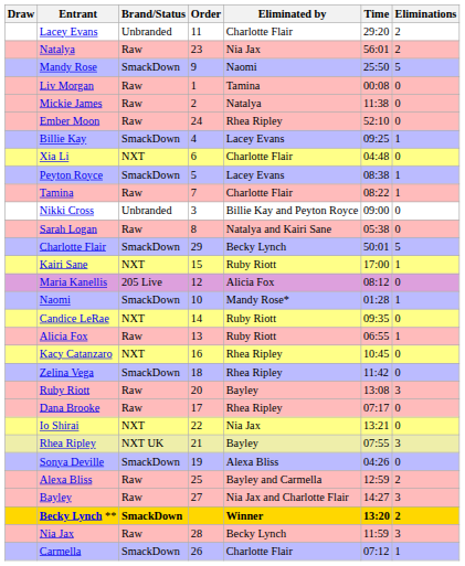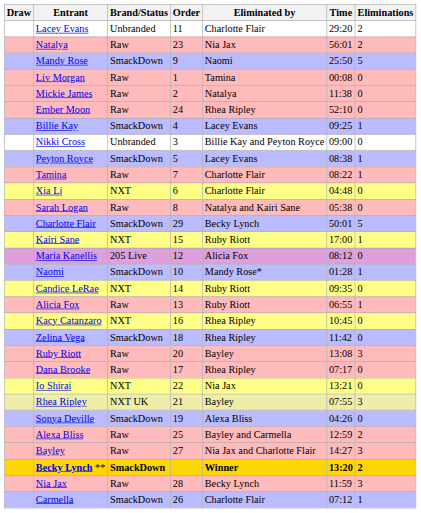 <table class="wikitable sortable">
 <tr>
 <th>Draw</th>
 <th>Entrant</th>
 <th>Brand/Status</th>
 <th>Order</th>
 <th>Eliminated by</th>
 <th>Time</th>
 <th>Eliminations</th>
 </tr>
 <tr style="background: #FFF;">
 <td></td>
 <td><a href='#'>Lacey Evans</a></td>
 <td>Unbranded</td>
 <td>11</td>
 <td>Charlotte Flair</td>
 <td>29:20</td>
 <td>2</td>
 </tr>
 <tr style="background: #FBB;">
 <td></td>
 <td><a href='#'>Natalya</a></td>
 <td>Raw</td>
 <td>23</td>
 <td>Nia Jax</td>
 <td>56:01</td>
 <td>2</td>
 </tr>
 <tr style="background: #BBF;">
 <td></td>
 <td><a href='#'>Mandy Rose</a></td>
 <td>SmackDown</td>
 <td>9</td>
 <td>Naomi</td>
 <td>25:50</td>
 <td>5</td>
 </tr>
 <tr style="background: #FBB;">
 <td></td>
 <td><a href='#'>Liv Morgan</a></td>
 <td>Raw</td>
 <td>1</td>
 <td>Tamina</td>
 <td>00:08</td>
 <td>0</td>
 </tr>
 <tr style="background: #FBB;">
 <td></td>
 <td><a href='#'>Mickie James</a></td>
 <td>Raw</td>
 <td>2</td>
 <td>Natalya</td>
 <td>11:38</td>
 <td>0</td>
 </tr>
 <tr style="background: #FBB;">
 <td></td>
 <td><a href='#'>Ember Moon</a></td>
 <td>Raw</td>
 <td>24</td>
 <td>Rhea Ripley</td>
 <td>52:10</td>
 <td>0</td>
 </tr>
 <tr style="background: #BBF;">
 <td></td>
 <td><a href='#'>Billie Kay</a></td>
 <td>SmackDown</td>
 <td>4</td>
 <td>Lacey Evans</td>
 <td>09:25</td>
 <td>1</td>
 </tr>
-<tr style="background: #FF8;">
+<tr style="background: #FFF;">
 <td></td>
-<td><a href='#'>Xia Li</a></td>
-<td>NXT</td>
-<td>6</td>
-<td>Charlotte Flair</td>
-<td>04:48</td>
+<td><a href='#'>Nikki Cross</a></td>
+<td>Unbranded</td>
+<td>3</td>
+<td>Billie Kay and Peyton Royce</td>
+<td>09:00</td>
 <td>0</td>
 </tr>
 <tr style="background: #BBF;">
 <td></td>
 <td><a href='#'>Peyton Royce</a></td>
 <td>SmackDown</td>
 <td>5</td>
 <td>Lacey Evans</td>
 <td>08:38</td>
 <td>1</td>
 </tr>
 <tr style="background: #FBB;">
 <td></td>
 <td><a href='#'>Tamina</a></td>
 <td>Raw</td>
 <td>7</td>
 <td>Charlotte Flair</td>
 <td>08:22</td>
 <td>1</td>
 </tr>
-<tr style="background: #FFF;">
+<tr style="background: #FF8;">
 <td></td>
-<td><a href='#'>Nikki Cross</a></td>
-<td>Unbranded</td>
-<td>3</td>
-<td>Billie Kay and Peyton Royce</td>
-<td>09:00</td>
+<td><a href='#'>Xia Li</a></td>
+<td>NXT</td>
+<td>6</td>
+<td>Charlotte Flair</td>
+<td>04:48</td>
 <td>0</td>
 </tr>
 <tr style="background: #FBB;">
 <td></td>
 <td><a href='#'>Sarah Logan</a></td>
 <td>Raw</td>
 <td>8</td>
 <td>Natalya and Kairi Sane</td>
 <td>05:38</td>
 <td>0</td>
 </tr>
 <tr style="background: #BBF;">
 <td></td>
 <td><a href='#'>Charlotte Flair</a></td>
 <td>SmackDown</td>
 <td>29</td>
 <td>Becky Lynch</td>
 <td>50:01</td>
 <td>5</td>
 </tr>
 <tr style="background: #FF8;">
 <td></td>
 <td><a href='#'>Kairi Sane</a></td>
 <td>NXT</td>
 <td>15</td>
 <td>Ruby Riott</td>
 <td>17:00</td>
 <td>1</td>
 </tr>
 <tr style="background: Plum;">
 <td></td>
 <td><a href='#'>Maria Kanellis</a></td>
 <td>205 Live</td>
 <td>12</td>
 <td>Alicia Fox</td>
 <td>08:12</td>
 <td>0</td>
 </tr>
 <tr style="background: #BBF;">
 <td></td>
 <td><a href='#'>Naomi</a></td>
 <td>SmackDown</td>
 <td>10</td>
 <td>Mandy Rose*</td>
 <td>01:28</td>
 <td>1</td>
 </tr>
 <tr style="background: #FF8;">
 <td></td>
 <td><a href='#'>Candice LeRae</a></td>
 <td>NXT</td>
 <td>14</td>
 <td>Ruby Riott</td>
 <td>09:35</td>
 <td>0</td>
 </tr>
 <tr style="background: #FBB;">
 <td></td>
 <td><a href='#'>Alicia Fox</a></td>
 <td>Raw</td>
 <td>13</td>
 <td>Ruby Riott</td>
 <td>06:55</td>
 <td>1</td>
 </tr>
 <tr style="background: #FF8;">
 <td></td>
 <td><a href='#'>Kacy Catanzaro</a></td>
 <td>NXT</td>
 <td>16</td>
 <td>Rhea Ripley</td>
 <td>10:45</td>
 <td>0</td>
 </tr>
 <tr style="background: #BBF;">
 <td></td>
 <td><a href='#'>Zelina Vega</a></td>
 <td>SmackDown</td>
 <td>18</td>
 <td>Rhea Ripley</td>
 <td>11:42</td>
 <td>0</td>
 </tr>
 <tr style="background: #FBB;">
 <td></td>
 <td><a href='#'>Ruby Riott</a></td>
 <td>Raw</td>
 <td>20</td>
 <td>Bayley</td>
 <td>13:08</td>
 <td>3</td>
 </tr>
 <tr style="background: #FBB;">
 <td></td>
 <td><a href='#'>Dana Brooke</a></td>
 <td>Raw</td>
 <td>17</td>
 <td>Rhea Ripley</td>
 <td>07:17</td>
 <td>0</td>
 </tr>
 <tr style="background: #FF8;">
 <td></td>
 <td><a href='#'>Io Shirai</a></td>
 <td>NXT</td>
 <td>22</td>
 <td>Nia Jax</td>
 <td>13:21</td>
 <td>0</td>
 </tr>
 <tr style="background: #eeA;">
 <td></td>
 <td><a href='#'>Rhea Ripley</a></td>
 <td>NXT UK</td>
 <td>21</td>
 <td>Bayley</td>
 <td>07:55</td>
 <td>3</td>
 </tr>
 <tr style="background: #BBF;">
 <td></td>
 <td><a href='#'>Sonya Deville</a></td>
 <td>SmackDown</td>
 <td>19</td>
 <td>Alexa Bliss</td>
 <td>04:26</td>
 <td>0</td>
 </tr>
 <tr style="background: #FBB;">
 <td></td>
 <td><a href='#'>Alexa Bliss</a></td>
 <td>Raw</td>
 <td>25</td>
 <td>Bayley and Carmella</td>
 <td>12:59</td>
 <td>2</td>
 </tr>
 <tr style="background: #FBB;">
 <td></td>
 <td><a href='#'>Bayley</a></td>
 <td>Raw</td>
 <td>27</td>
 <td>Nia Jax and Charlotte Flair</td>
 <td>14:27</td>
 <td>3</td>
 </tr>
 <tr style="background: Gold;">
 <td><strong></strong></td>
 <td><strong><a href='#'>Becky Lynch</a></strong> **</td>
 <td><strong>SmackDown</strong></td>
 <td><strong></strong></td>
 <td><strong>Winner</strong></td>
 <td><strong>13:20</strong></td>
 <td><strong>2</strong></td>
 </tr>
 <tr style="background: #FBB;">
 <td></td>
 <td><a href='#'>Nia Jax</a></td>
 <td>Raw</td>
 <td>28</td>
 <td>Becky Lynch</td>
 <td>11:59</td>
 <td>3</td>
 </tr>
 <tr style="background: #BBF;">
 <td></td>
 <td><a href='#'>Carmella</a></td>
 <td>SmackDown</td>
 <td>26</td>
 <td>Charlotte Flair</td>
 <td>07:12</td>
 <td>1</td>
 </tr>
 </table>
